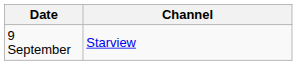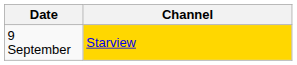 <table class="wikitable">
 <tr>
 <th width=90>Date</th>
 <th width=250>Channel</th>
 </tr>
 <tr>
 <td>9 September</td>
-<td><a href='#'>Starview</a></td>
+<td style="background: gold;"><a href='#'>Starview</a></td>
 </tr>
 </table>
